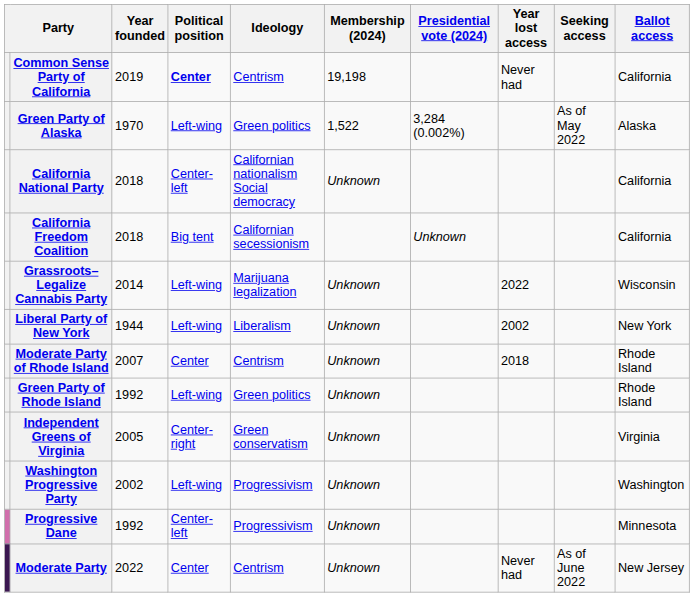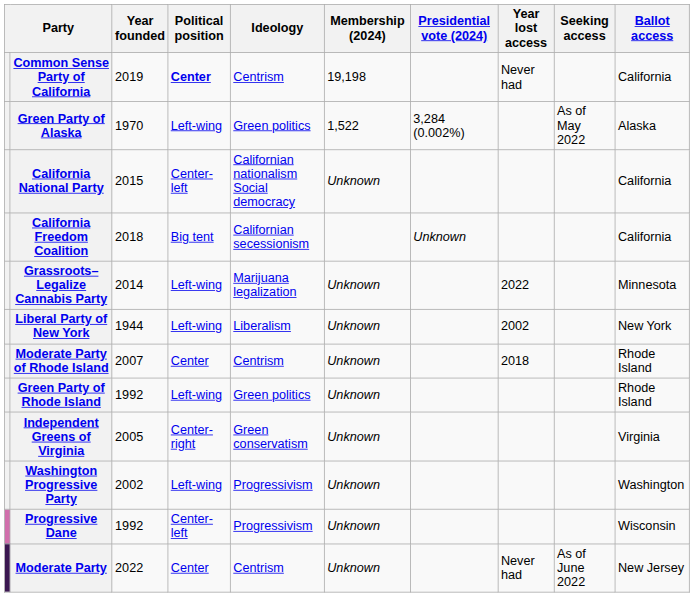 <table class="wikitable sortable plainrowheaders">
 <tr>
 <th scope="col" colspan="2">Party</th>
 <th scope="col">Year<br>founded</th>
 <th>Political position</th>
 <th scope="col">Ideology</th>
 <th scope="col">Membership (2024)</th>
 <th scope="col" data-sort-type="number"><a href='#'>Presidential vote (2024)</a></th>
 <th scope="col">Year lost access</th>
 <th scope="col">Seeking access</th>
 <th scope="col"><a href='#'>Ballot access</a></th>
 </tr>
 <tr>
 <th style="background-color:"></th>
 <th><a href='#'>Common Sense Party of California</a></th>
 <td>2019</td>
 <td><strong><a href='#'>Center</a></strong></td>
 <td><a href='#'>Centrism</a></td>
 <td>19,198</td>
 <td></td>
 <td>Never had</td>
 <td></td>
 <td>California</td>
 </tr>
 <tr>
 <th style="background-color:"></th>
 <th><a href='#'>Green Party of Alaska</a></th>
 <td>1970</td>
 <td><a href='#'>Left-wing</a></td>
 <td><a href='#'>Green politics</a></td>
 <td>1,522</td>
 <td>3,284 (0.002%)</td>
 <td></td>
 <td>As of May 2022</td>
 <td>Alaska</td>
 </tr>
 <tr>
 <th style="background-color:"></th>
 <th><a href='#'>California National Party</a></th>
-<td>2018</td>
+<td>2015</td>
 <td><a href='#'>Center-left</a></td>
 <td><a href='#'>Californian nationalism</a><br><a href='#'>Social democracy</a></td>
 <td><em>Unknown</em></td>
 <td></td>
 <td></td>
 <td></td>
 <td>California</td>
 </tr>
 <tr>
 <th style="background-color:"></th>
 <th><a href='#'>California Freedom Coalition</a></th>
 <td>2018</td>
 <td><a href='#'>Big tent</a></td>
 <td><a href='#'>Californian secessionism</a></td>
 <td></td>
 <td><em>Unknown</em></td>
 <td></td>
 <td></td>
 <td>California</td>
 </tr>
 <tr>
 <th style="background-color:"></th>
 <th><a href='#'>Grassroots–Legalize Cannabis Party</a></th>
 <td>2014</td>
 <td><a href='#'>Left-wing</a></td>
 <td><a href='#'>Marijuana legalization</a></td>
 <td><em>Unknown</em></td>
 <td></td>
 <td>2022</td>
 <td></td>
-<td>Wisconsin</td>
+<td>Minnesota</td>
 </tr>
 <tr>
 <th style="background-color:"></th>
 <th><a href='#'>Liberal Party of New York</a></th>
 <td>1944</td>
 <td><a href='#'>Left-wing</a></td>
 <td><a href='#'>Liberalism</a></td>
 <td><em>Unknown</em></td>
 <td></td>
 <td>2002</td>
 <td></td>
 <td>New York</td>
 </tr>
 <tr>
 <th style="background-color:"></th>
 <th><a href='#'>Moderate Party of Rhode Island</a></th>
 <td>2007</td>
 <td><a href='#'>Center</a></td>
 <td><a href='#'>Centrism</a></td>
 <td><em>Unknown</em></td>
 <td></td>
 <td>2018</td>
 <td></td>
 <td>Rhode Island</td>
 </tr>
 <tr>
 <th style="background-color:"></th>
 <th><a href='#'>Green Party of Rhode Island</a></th>
 <td>1992</td>
 <td><a href='#'>Left-wing</a></td>
 <td><a href='#'>Green politics</a></td>
 <td><em>Unknown</em></td>
 <td></td>
 <td></td>
 <td></td>
 <td>Rhode Island</td>
 </tr>
 <tr>
 <th style="background-color:"></th>
 <th><a href='#'>Independent Greens of Virginia</a></th>
 <td>2005</td>
 <td><a href='#'>Center-right</a></td>
 <td><a href='#'>Green conservatism</a></td>
 <td><em>Unknown</em></td>
 <td></td>
 <td></td>
 <td></td>
 <td>Virginia</td>
 </tr>
 <tr>
 <th style="background-color:"></th>
 <th><a href='#'>Washington Progressive Party</a></th>
 <td>2002</td>
 <td><a href='#'>Left-wing</a></td>
 <td><a href='#'>Progressivism</a></td>
 <td><em>Unknown</em></td>
 <td></td>
 <td></td>
 <td></td>
 <td>Washington</td>
 </tr>
 <tr>
 <th style="background-color:#D16FAC"></th>
 <th><a href='#'>Progressive Dane</a></th>
 <td>1992</td>
 <td><a href='#'>Center-left</a></td>
 <td><a href='#'>Progressivism</a></td>
 <td><em>Unknown</em></td>
 <td></td>
 <td></td>
 <td></td>
-<td>Minnesota</td>
+<td>Wisconsin</td>
 </tr>
 <tr>
 <th style="background-color:#3B1751"></th>
 <th><a href='#'>Moderate Party</a></th>
 <td>2022</td>
 <td><a href='#'>Center</a></td>
 <td><a href='#'>Centrism</a></td>
 <td><em>Unknown</em></td>
 <td></td>
 <td>Never had</td>
 <td>As of June 2022</td>
 <td>New Jersey</td>
 </tr>
 </table>
